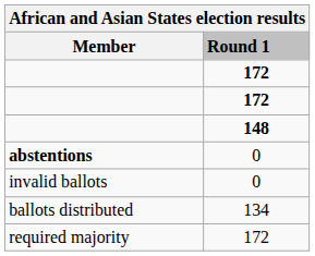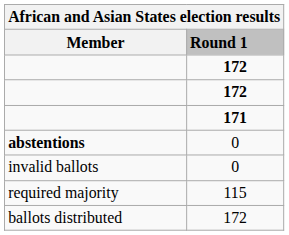 <table class="wikitable collapsible">
 <tr>
 <th colspan="2">African and Asian States election results</th>
 </tr>
 <tr>
 <th>Member</th>
 <td style="background:silver;"><strong>Round 1</strong></td>
 </tr>
 <tr>
 <td></td>
 <td style="text-align:center;"><strong>172</strong></td>
 </tr>
 <tr>
 <td></td>
 <td style="text-align:center;"><strong>172</strong></td>
 </tr>
 <tr>
 <td></td>
-<td style="text-align:center;"><strong>148</strong></td>
+<td style="text-align:center;"><strong>171</strong></td>
 </tr>
 <tr>
 <td><strong>abstentions</strong></td>
 <td style="text-align:center;">0</td>
 </tr>
 <tr>
 <td>invalid ballots</td>
 <td style="text-align:center;">0</td>
 </tr>
 <tr>
-<td>ballots distributed</td>
-<td style="text-align:center;">134</td>
+<td>required majority</td>
+<td style="text-align:center;">115</td>
 </tr>
 <tr>
-<td>required majority</td>
+<td>ballots distributed</td>
 <td style="text-align:center;">172</td>
 </tr>
 </table>
